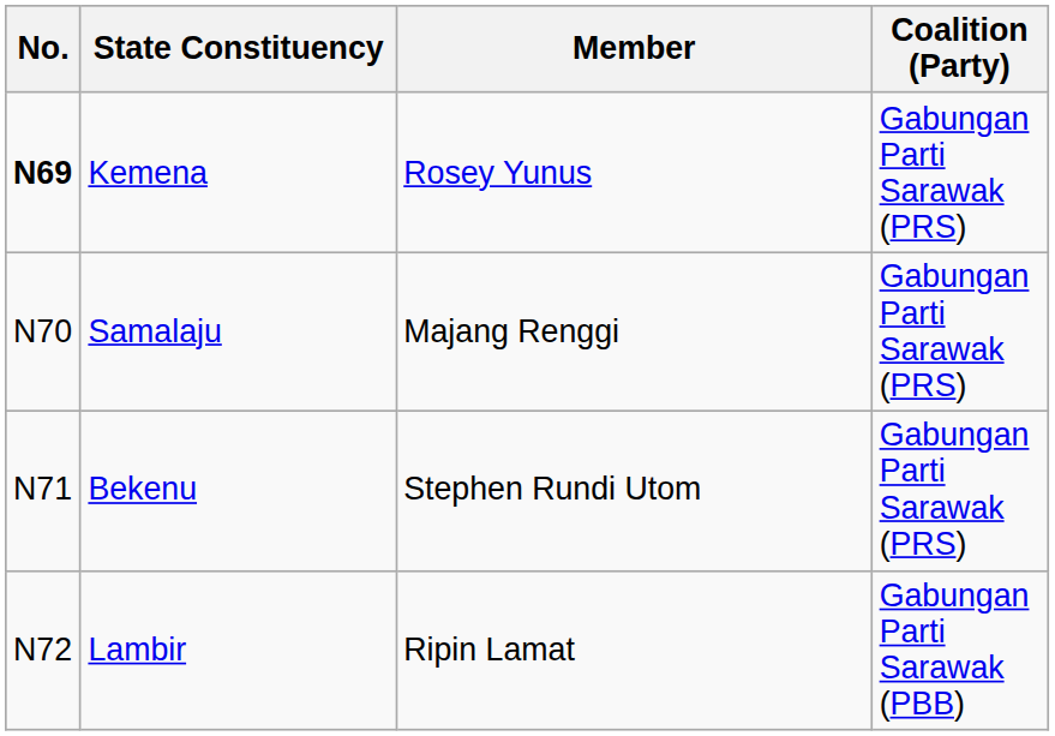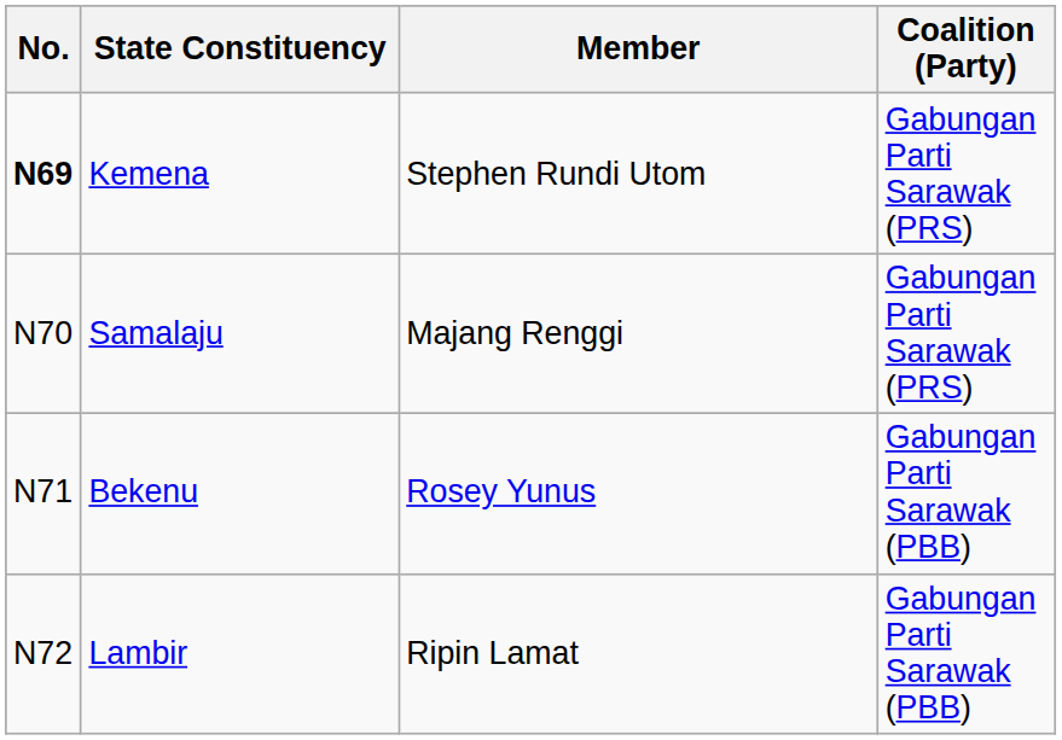 <table class="wikitable">
 <tr>
 <th width="30">No.</th>
 <th width="150">State Constituency</th>
 <th width="230">Member</th>
 <th width="80">Coalition (Party)</th>
 </tr>
 <tr>
 <td><strong>N69</strong></td>
 <td><a href='#'>Kemena</a></td>
-<td><a href='#'>Rosey Yunus</a></td>
+<td>Stephen Rundi Utom</td>
 <td><a href='#'>Gabungan Parti Sarawak</a> (<a href='#'>PRS</a>)</td>
 </tr>
 <tr>
 <td>N70</td>
 <td><a href='#'>Samalaju</a></td>
 <td>Majang Renggi</td>
 <td><a href='#'>Gabungan Parti Sarawak</a> (<a href='#'>PRS</a>)</td>
 </tr>
 <tr>
 <td>N71</td>
 <td><a href='#'>Bekenu</a></td>
-<td>Stephen Rundi Utom</td>
-<td><a href='#'>Gabungan Parti Sarawak</a> (<a href='#'>PRS</a>)</td>
+<td><a href='#'>Rosey Yunus</a></td>
+<td><a href='#'>Gabungan Parti Sarawak</a> (<a href='#'>PBB</a>)</td>
 </tr>
 <tr>
 <td>N72</td>
 <td><a href='#'>Lambir</a></td>
 <td>Ripin Lamat</td>
 <td><a href='#'>Gabungan Parti Sarawak</a> (<a href='#'>PBB</a>)</td>
 </tr>
 </table>
